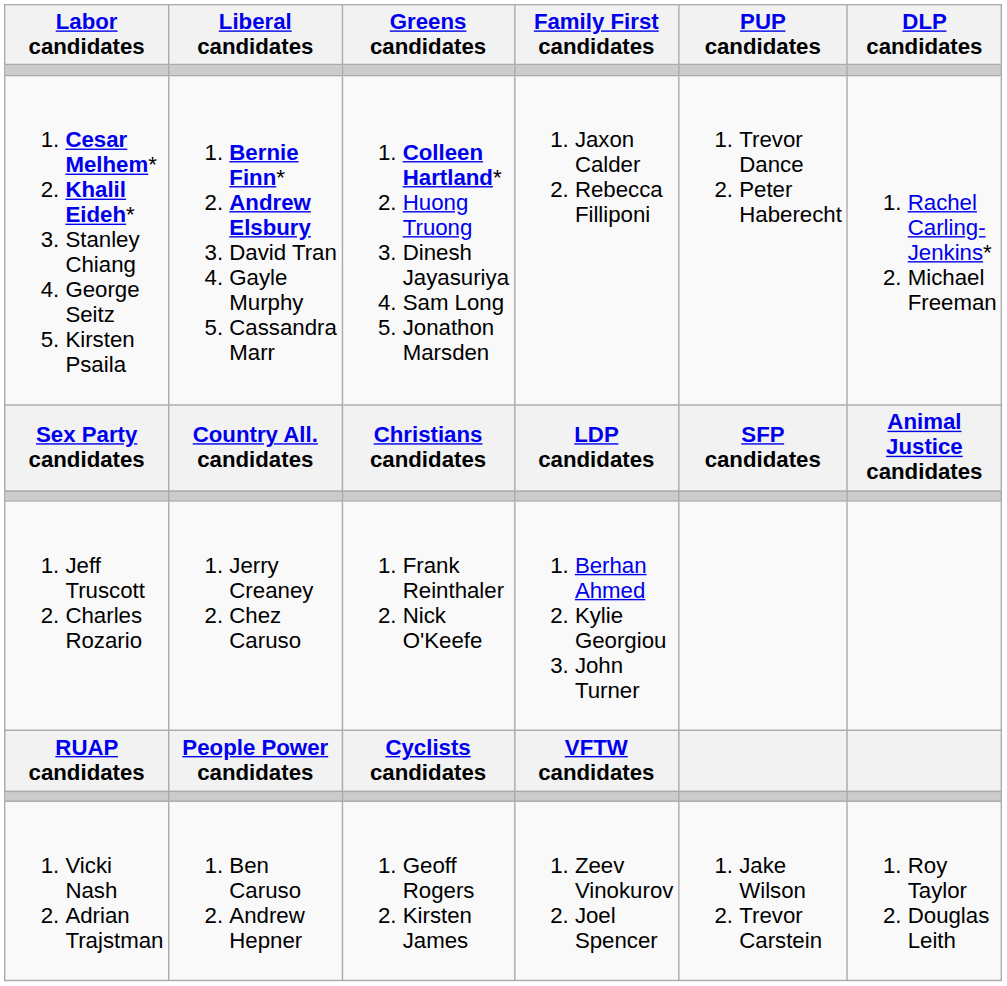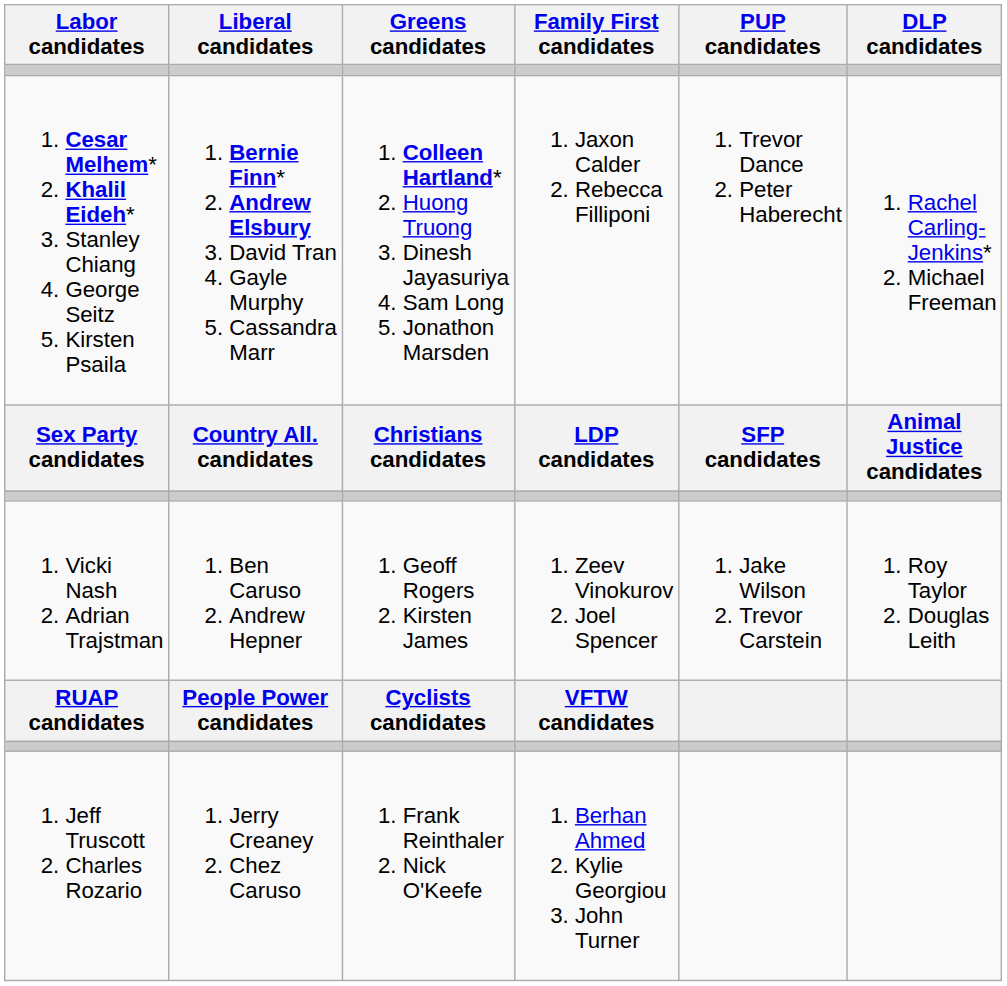 <table class="wikitable">
 <tr>
 <th><a href='#'>Labor</a> candidates</th>
 <th><a href='#'>Liberal</a> candidates</th>
 <th><a href='#'>Greens</a> candidates</th>
 <th><a href='#'>Family First</a> candidates</th>
 <th><a href='#'>PUP</a> candidates</th>
 <th><a href='#'>DLP</a> candidates</th>
 </tr>
 <tr bgcolor="#cccccc">
 <td></td>
 <td></td>
 <td></td>
 <td></td>
 <td></td>
 <td></td>
 </tr>
 <tr>
 <td><br><ol><li><strong><a href='#'>Cesar Melhem</a></strong>*</li><li><strong><a href='#'>Khalil Eideh</a></strong>*</li><li>Stanley Chiang</li><li>George Seitz</li><li>Kirsten Psaila</li></ol></td>
 <td><br><ol><li><strong><a href='#'>Bernie Finn</a></strong>*</li><li><strong><a href='#'>Andrew Elsbury</a></strong></li><li>David Tran</li><li>Gayle Murphy</li><li>Cassandra Marr</li></ol></td>
 <td><br><ol><li><strong><a href='#'>Colleen Hartland</a></strong>*</li><li><a href='#'>Huong Truong</a></li><li>Dinesh Jayasuriya</li><li>Sam Long</li><li>Jonathon Marsden</li></ol></td>
 <td valign=top><br><ol><li>Jaxon Calder</li><li>Rebecca Filliponi</li></ol></td>
 <td valign=top><br><ol><li>Trevor Dance</li><li>Peter Haberecht</li></ol></td>
 <td><br><ol><li><a href='#'>Rachel Carling-Jenkins</a>*</li><li>Michael Freeman</li></ol></td>
 </tr>
 <tr bgcolor="#cccccc">
 <th><a href='#'>Sex Party</a> candidates</th>
 <th><a href='#'>Country All.</a> candidates</th>
 <th><a href='#'>Christians</a> candidates</th>
 <th><a href='#'>LDP</a> candidates</th>
 <th><a href='#'>SFP</a> candidates</th>
 <th><a href='#'>Animal Justice</a> candidates</th>
 </tr>
 <tr bgcolor="#cccccc">
 <td></td>
 <td></td>
 <td></td>
 <td></td>
 <td></td>
 <td></td>
 </tr>
 <tr>
-<td valign=top><br><ol><li>Jeff Truscott</li><li>Charles Rozario</li></ol></td>
-<td valign=top><br><ol><li>Jerry Creaney</li><li>Chez Caruso</li></ol></td>
-<td valign=top><br><ol><li>Frank Reinthaler</li><li>Nick O'Keefe</li></ol></td>
-<td valign=top><br><ol><li><a href='#'>Berhan Ahmed</a></li><li>Kylie Georgiou</li><li>John Turner</li></ol></td>
-<td valign=top></td>
-<td valign=top></td>
+<td valign=top><br><ol><li>Vicki Nash</li><li>Adrian Trajstman</li></ol></td>
+<td valign=top><br><ol><li>Ben Caruso</li><li>Andrew Hepner</li></ol></td>
+<td valign=top><br><ol><li>Geoff Rogers</li><li>Kirsten James</li></ol></td>
+<td valign=top><br><ol><li>Zeev Vinokurov</li><li>Joel Spencer</li></ol></td>
+<td valign=top><br><ol><li>Jake Wilson</li><li>Trevor Carstein</li></ol></td>
+<td valign=top><br><ol><li>Roy Taylor</li><li>Douglas Leith</li></ol></td>
 </tr>
 <tr bgcolor="#cccccc">
 <th><a href='#'>RUAP</a> candidates</th>
 <th><a href='#'>People Power</a> candidates</th>
 <th><a href='#'>Cyclists</a> candidates</th>
 <th><a href='#'>VFTW</a> candidates</th>
 <th></th>
 <th></th>
 </tr>
 <tr bgcolor="#cccccc">
 <td></td>
 <td></td>
 <td></td>
 <td></td>
 <td></td>
 <td></td>
 </tr>
 <tr>
-<td valign=top><br><ol><li>Vicki Nash</li><li>Adrian Trajstman</li></ol></td>
-<td valign=top><br><ol><li>Ben Caruso</li><li>Andrew Hepner</li></ol></td>
-<td valign=top><br><ol><li>Geoff Rogers</li><li>Kirsten James</li></ol></td>
-<td valign=top><br><ol><li>Zeev Vinokurov</li><li>Joel Spencer</li></ol></td>
-<td valign=top><br><ol><li>Jake Wilson</li><li>Trevor Carstein</li></ol></td>
-<td valign=top><br><ol><li>Roy Taylor</li><li>Douglas Leith</li></ol></td>
+<td valign=top><br><ol><li>Jeff Truscott</li><li>Charles Rozario</li></ol></td>
+<td valign=top><br><ol><li>Jerry Creaney</li><li>Chez Caruso</li></ol></td>
+<td valign=top><br><ol><li>Frank Reinthaler</li><li>Nick O'Keefe</li></ol></td>
+<td valign=top><br><ol><li><a href='#'>Berhan Ahmed</a></li><li>Kylie Georgiou</li><li>John Turner</li></ol></td>
+<td valign=top></td>
+<td valign=top></td>
 </tr>
 </table>
